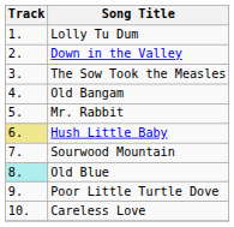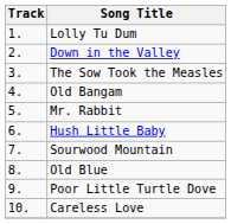 <table class="wikitable" style="font-size:95%;">
 <tr>
 <th>Track</th>
 <th>Song Title</th>
 </tr>
 <tr>
 <td>1.</td>
 <td>Lolly Tu Dum</td>
 </tr>
 <tr>
 <td>2.</td>
 <td><a href='#'>Down in the Valley</a></td>
 </tr>
 <tr>
 <td>3.</td>
 <td>The Sow Took the Measles</td>
 </tr>
 <tr>
 <td>4.</td>
 <td>Old Bangam</td>
 </tr>
 <tr>
 <td>5.</td>
 <td>Mr. Rabbit</td>
 </tr>
 <tr>
-<td style="background: khaki;">6.</td>
+<td>6.</td>
 <td><a href='#'>Hush Little Baby</a></td>
 </tr>
 <tr>
 <td>7.</td>
 <td>Sourwood Mountain</td>
 </tr>
 <tr>
-<td style="background: paleturquoise;">8.</td>
+<td>8.</td>
 <td>Old Blue</td>
 </tr>
 <tr>
 <td>9.</td>
 <td>Poor Little Turtle Dove</td>
 </tr>
 <tr>
 <td>10.</td>
 <td>Careless Love</td>
 </tr>
 <tr>
 </tr>
 </table>
